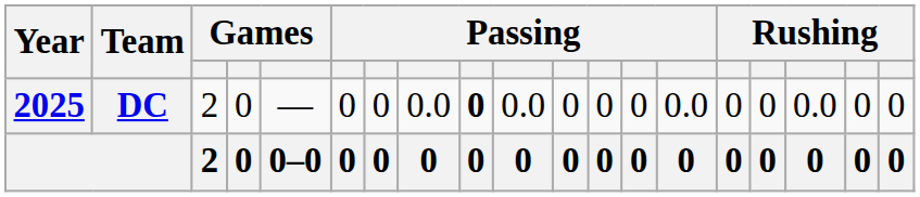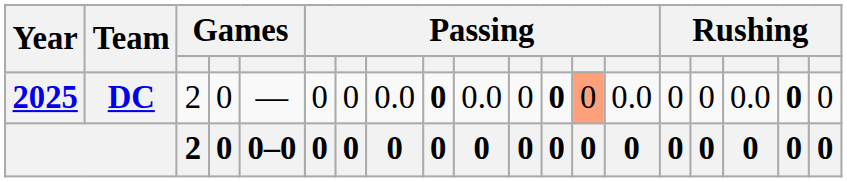 <table class="wikitable" style="text-align:center;">
 <tr>
 <th rowspan="2">Year</th>
 <th rowspan="2">Team</th>
 <th colspan="3">Games</th>
 <th colspan="9">Passing</th>
 <th colspan="5">Rushing</th>
 </tr>
 <tr>
 <th></th>
 <th></th>
 <th></th>
 <th></th>
 <th></th>
 <th></th>
 <th></th>
 <th></th>
 <th></th>
 <th></th>
 <th></th>
 <th></th>
 <th></th>
 <th></th>
 <th></th>
 <th></th>
 <th></th>
 </tr>
 <tr>
 <th><a href='#'>2025</a></th>
 <th><a href='#'>DC</a></th>
 <td>2</td>
 <td>0</td>
 <td>—</td>
 <td>0</td>
 <td>0</td>
 <td>0.0</td>
 <td><strong>0</strong></td>
 <td>0.0</td>
 <td>0</td>
-<td>0</td>
-<td>0</td>
+<td><strong>0</strong></td>
+<td style="background: lightsalmon;">0</td>
 <td>0.0</td>
 <td>0</td>
 <td>0</td>
 <td>0.0</td>
-<td>0</td>
+<td><strong>0</strong></td>
 <td>0</td>
 </tr>
 <tr>
 <th colspan="2"></th>
 <th>2</th>
 <th>0</th>
 <th>0–0</th>
 <th>0</th>
 <th>0</th>
 <th>0</th>
 <th>0</th>
 <th>0</th>
 <th>0</th>
 <th>0</th>
 <th>0</th>
 <th>0</th>
 <th>0</th>
 <th>0</th>
 <th>0</th>
 <th>0</th>
 <th>0</th>
 </tr>
 </table>
